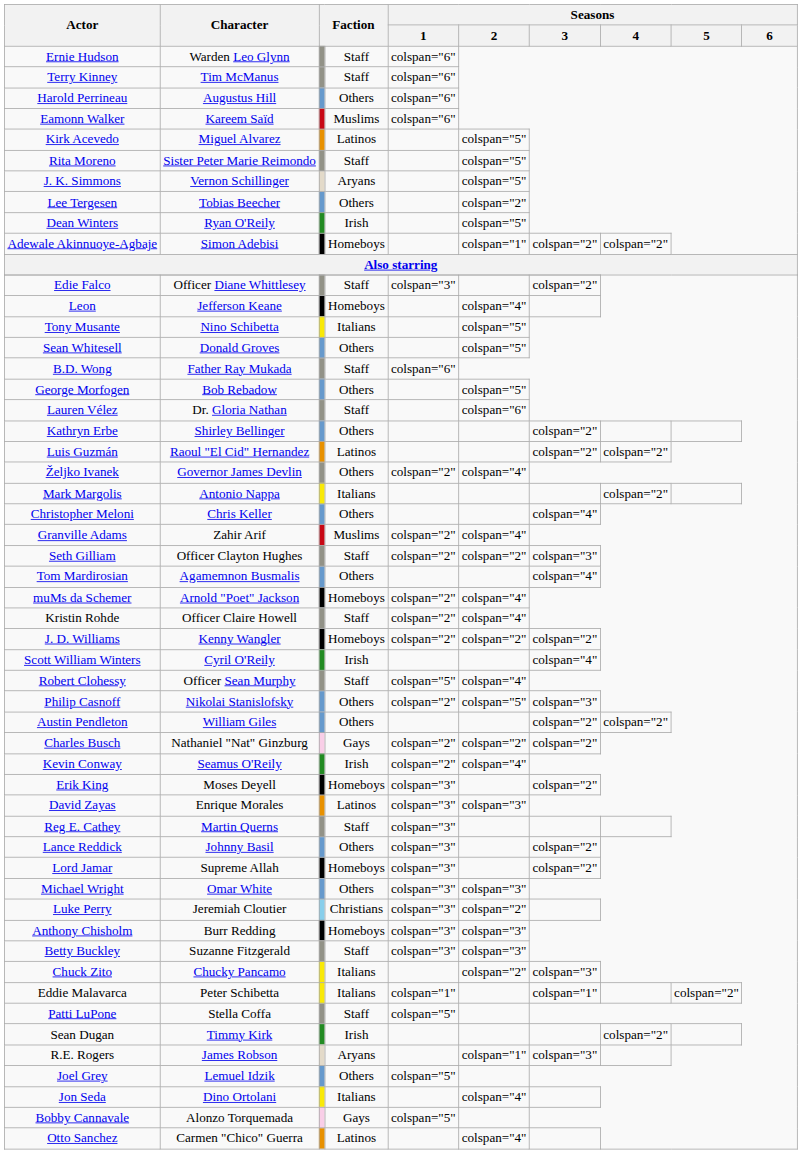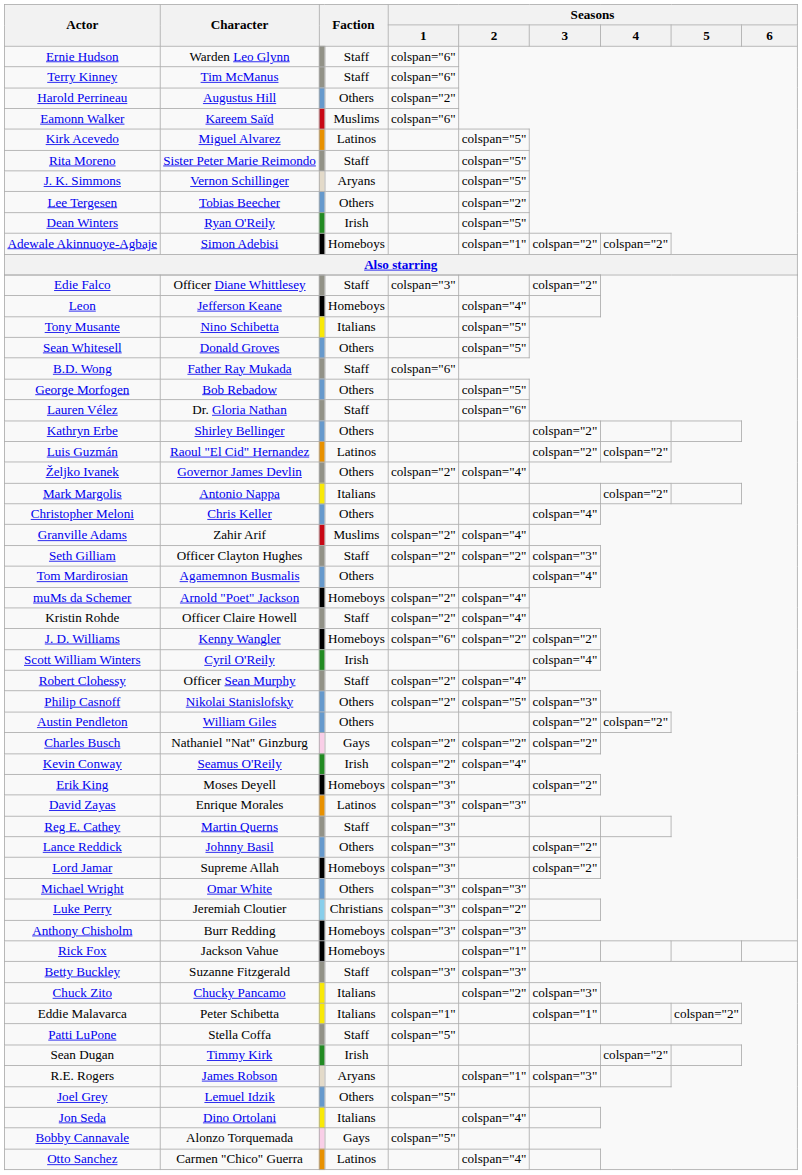 <table class="wikitable sortable" style="text-align:center;">
 <tr>
 <th rowspan="2">Actor</th>
 <th rowspan="2">Character</th>
 <th rowspan="2" colspan="2">Faction</th>
 <th colspan="6">Seasons</th>
 </tr>
 <tr>
 <th style="width:60px;">1</th>
 <th style="width:60px;">2</th>
 <th style="width:60px;">3</th>
 <th style="width:60px;">4</th>
 <th style="width:60px;">5</th>
 <th style="width:60px;">6</th>
 </tr>
 <tr>
 <td><a href='#'>Ernie Hudson</a></td>
 <td>Warden <a href='#'>Leo Glynn</a></td>
 <th scope="row" style="background:#929287; color:#000;"></th>
 <td>Staff</td>
 <td>colspan="6" </td>
 </tr>
 <tr>
 <td><a href='#'>Terry Kinney</a></td>
 <td><a href='#'>Tim McManus</a></td>
 <th scope="row" style="background:#929287; color:#000;"></th>
 <td>Staff</td>
 <td>colspan="6" </td>
 </tr>
 <tr>
 <td><a href='#'>Harold Perrineau</a></td>
 <td><a href='#'>Augustus Hill</a></td>
 <th scope="row" style="background:#6699CC; color:#000;"></th>
 <td>Others</td>
-<td>colspan="6" </td>
+<td>colspan="2" </td>
 </tr>
 <tr>
 <td><a href='#'>Eamonn Walker</a></td>
 <td><a href='#'>Kareem Saïd</a></td>
 <th scope="row" style="background:#C80815; color:#000;"></th>
 <td>Muslims</td>
 <td>colspan="6" </td>
 </tr>
 <tr>
 <td><a href='#'>Kirk Acevedo</a></td>
 <td><a href='#'>Miguel Alvarez</a></td>
 <th scope="row" style="background:#E89100; color:#000;"></th>
 <td>Latinos</td>
 <td></td>
 <td>colspan="5" </td>
 </tr>
 <tr>
 <td><a href='#'>Rita Moreno</a></td>
 <td><a href='#'>Sister Peter Marie Reimondo</a></td>
 <th scope="row" style="background:#929287; color:#000;"></th>
 <td>Staff</td>
 <td></td>
 <td>colspan="5" </td>
 </tr>
 <tr>
 <td><a href='#'>J. K. Simmons</a></td>
 <td><a href='#'>Vernon Schillinger</a></td>
 <th scope="row" style="background:#E3DAC9; color:#000;"></th>
 <td>Aryans</td>
 <td></td>
 <td>colspan="5" </td>
 </tr>
 <tr>
 <td><a href='#'>Lee Tergesen</a></td>
 <td><a href='#'>Tobias Beecher</a></td>
 <th scope="row" style="background:#6699CC; color:#000;"></th>
 <td>Others</td>
 <td></td>
 <td>colspan="2" </td>
 </tr>
 <tr>
 <td><a href='#'>Dean Winters</a></td>
 <td><a href='#'>Ryan O'Reily</a></td>
 <th scope="row" style="background:#228B22; color:#000;"></th>
 <td>Irish</td>
 <td></td>
 <td>colspan="5" </td>
 </tr>
 <tr>
 <td><a href='#'>Adewale Akinnuoye-Agbaje</a></td>
 <td><a href='#'>Simon Adebisi</a></td>
 <th scope="row" style="background:#000000; color:#000;"></th>
 <td>Homeboys</td>
 <td></td>
 <td>colspan="1" </td>
 <td>colspan="2" </td>
 <td>colspan="2" </td>
 </tr>
 <tr>
 <th colspan="10"><a href='#'>Also starring</a></th>
 </tr>
 <tr>
 </tr>
 <tr>
 <td><a href='#'>Edie Falco</a></td>
 <td>Officer <a href='#'>Diane Whittlesey</a></td>
 <th scope="row" style="background:#929287; color:#000;"></th>
 <td>Staff</td>
 <td>colspan="3" </td>
 <td></td>
 <td>colspan="2" </td>
 </tr>
 <tr>
 <td><a href='#'>Leon</a></td>
 <td><a href='#'>Jefferson Keane</a></td>
 <th scope="row" style="background:#000000; color:#000;"></th>
 <td>Homeboys</td>
 <td></td>
 <td>colspan="4" </td>
 <td></td>
 </tr>
 <tr>
 <td><a href='#'>Tony Musante</a></td>
 <td><a href='#'>Nino Schibetta</a></td>
 <th scope="row" style="background:#f9e907; color:#000;"></th>
 <td>Italians</td>
 <td></td>
 <td>colspan="5" </td>
 </tr>
 <tr>
 <td><a href='#'>Sean Whitesell</a></td>
 <td><a href='#'>Donald Groves</a></td>
 <th scope="row" style="background:#6699CC; color:#000;"></th>
 <td>Others</td>
 <td></td>
 <td>colspan="5" </td>
 </tr>
 <tr>
 <td><a href='#'>B.D. Wong</a></td>
 <td><a href='#'>Father Ray Mukada</a></td>
 <th scope="row" style="background:#929287; color:#000;"></th>
 <td>Staff</td>
 <td>colspan="6" </td>
 </tr>
 <tr>
 <td><a href='#'>George Morfogen</a></td>
 <td><a href='#'>Bob Rebadow</a></td>
 <th scope="row" style="background:#6699CC; color:#000;"></th>
 <td>Others</td>
 <td></td>
 <td>colspan="5" </td>
 </tr>
 <tr>
 <td><a href='#'>Lauren Vélez</a></td>
 <td>Dr. <a href='#'>Gloria Nathan</a></td>
 <th scope="row" style="background:#929287; color:#000;"></th>
 <td>Staff</td>
 <td></td>
 <td>colspan="6" </td>
 </tr>
 <tr>
 <td><a href='#'>Kathryn Erbe</a></td>
 <td><a href='#'>Shirley Bellinger</a></td>
 <th scope="row" style="background:#6699CC; color:#000;"></th>
 <td>Others</td>
 <td></td>
 <td></td>
 <td>colspan="2" </td>
 <td></td>
 <td></td>
 </tr>
 <tr>
 <td><a href='#'>Luis Guzmán</a></td>
 <td><a href='#'>Raoul "El Cid" Hernandez</a></td>
 <th scope="row" style="background:#E89100; color:#000;"></th>
 <td>Latinos</td>
 <td></td>
 <td></td>
 <td>colspan="2" </td>
 <td>colspan="2" </td>
 </tr>
 <tr>
 <td><a href='#'>Željko Ivanek</a></td>
 <td><a href='#'>Governor James Devlin</a></td>
 <th scope="row" style="background:#929287; color:#000;"></th>
 <td>Others</td>
 <td>colspan="2" </td>
 <td>colspan="4" </td>
 </tr>
 <tr>
 <td><a href='#'>Mark Margolis</a></td>
 <td><a href='#'>Antonio Nappa</a></td>
 <th scope="row" style="background:#f9e907; color:#000;"></th>
 <td>Italians</td>
 <td></td>
 <td></td>
 <td></td>
 <td>colspan="2" </td>
 <td></td>
 </tr>
 <tr>
 <td><a href='#'>Christopher Meloni</a></td>
 <td><a href='#'>Chris Keller</a></td>
 <th scope="row" style="background:#6699CC; color:#000;"></th>
 <td>Others</td>
 <td></td>
 <td></td>
 <td>colspan="4" </td>
 </tr>
 <tr>
 <td><a href='#'>Granville Adams</a></td>
 <td>Zahir Arif</td>
 <th scope="row" style="background:#C80815; color:#000;"></th>
 <td>Muslims</td>
 <td>colspan="2" </td>
 <td>colspan="4" </td>
 </tr>
 <tr>
 <td><a href='#'>Seth Gilliam</a></td>
 <td>Officer Clayton Hughes</td>
 <th scope="row" style="background:#929287; color:#000;"></th>
 <td>Staff</td>
 <td>colspan="2" </td>
 <td>colspan="2" </td>
 <td>colspan="3" </td>
 </tr>
 <tr>
 <td><a href='#'>Tom Mardirosian</a></td>
 <td><a href='#'>Agamemnon Busmalis</a></td>
 <th scope="row" style="background:#6699CC; color:#000;"></th>
 <td>Others</td>
 <td></td>
 <td></td>
 <td>colspan="4" </td>
 </tr>
 <tr>
 <td><a href='#'>muMs da Schemer</a></td>
 <td><a href='#'>Arnold "Poet" Jackson</a></td>
 <th scope="row" style="background:#000000; color:#000;"></th>
 <td>Homeboys</td>
 <td>colspan="2" </td>
 <td>colspan="4" </td>
 </tr>
 <tr>
 <td>Kristin Rohde</td>
 <td>Officer Claire Howell</td>
 <th scope="row" style="background:#929287; color:#000;"></th>
 <td>Staff</td>
 <td>colspan="2" </td>
 <td>colspan="4" </td>
 </tr>
 <tr>
 <td><a href='#'>J. D. Williams</a></td>
 <td><a href='#'>Kenny Wangler</a></td>
 <th scope="row" style="background:#000000; color:#000;"></th>
 <td>Homeboys</td>
-<td>colspan="2" </td>
+<td>colspan="6" </td>
 <td>colspan="2" </td>
 <td>colspan="2" </td>
 </tr>
 <tr>
 <td><a href='#'>Scott William Winters</a></td>
 <td><a href='#'>Cyril O'Reily</a></td>
 <th scope="row" style="background:#228B22; color:#000;"></th>
 <td>Irish</td>
 <td></td>
 <td></td>
 <td>colspan="4" </td>
 </tr>
 <tr>
 <td><a href='#'>Robert Clohessy</a></td>
 <td>Officer <a href='#'>Sean Murphy</a></td>
 <th scope="row" style="background:#929287; color:#000;"></th>
 <td>Staff</td>
-<td>colspan="5" </td>
+<td>colspan="2" </td>
 <td>colspan="4" </td>
 </tr>
 <tr>
 <td><a href='#'>Philip Casnoff</a></td>
 <td><a href='#'>Nikolai Stanislofsky</a></td>
 <th scope="row" style="background:#6699CC; color:#000;"></th>
 <td>Others</td>
 <td>colspan="2" </td>
 <td>colspan="5" </td>
 <td>colspan="3" </td>
 </tr>
 <tr>
 <td><a href='#'>Austin Pendleton</a></td>
 <td><a href='#'>William Giles</a></td>
 <th scope="row" style="background:#6699CC; color:#000;"></th>
 <td>Others</td>
 <td></td>
 <td></td>
 <td>colspan="2" </td>
 <td>colspan="2" </td>
 </tr>
 <tr>
 <td><a href='#'>Charles Busch</a></td>
 <td>Nathaniel "Nat" Ginzburg</td>
 <th scope="row" style="background:#f9cee7; color:#000;"></th>
 <td>Gays</td>
 <td>colspan="2" </td>
 <td>colspan="2" </td>
 <td>colspan="2" </td>
 </tr>
 <tr>
 <td><a href='#'>Kevin Conway</a></td>
 <td><a href='#'>Seamus O'Reily</a></td>
 <th scope="row" style="background:#228B22; color:#000;"></th>
 <td>Irish</td>
 <td>colspan="2" </td>
 <td>colspan="4" </td>
 </tr>
 <tr>
 <td><a href='#'>Erik King</a></td>
 <td>Moses Deyell</td>
 <th scope="row" style="background:#000000; color:#000;"></th>
 <td>Homeboys</td>
 <td>colspan="3" </td>
 <td></td>
 <td>colspan="2" </td>
 </tr>
 <tr>
 <td><a href='#'>David Zayas</a></td>
 <td>Enrique Morales</td>
 <th scope="row" style="background:#E89100; color:#000;"></th>
 <td>Latinos</td>
 <td>colspan="3" </td>
 <td>colspan="3" </td>
 </tr>
 <tr>
 <td><a href='#'>Reg E. Cathey</a></td>
 <td><a href='#'>Martin Querns</a></td>
 <th scope="row" style="background:#929287; color:#000;"></th>
 <td>Staff</td>
 <td>colspan="3" </td>
 <td></td>
 <td></td>
 <td></td>
 </tr>
 <tr>
 <td><a href='#'>Lance Reddick</a></td>
 <td><a href='#'>Johnny Basil</a></td>
 <th scope="row" style="background:#6699CC; color:#000;"></th>
 <td>Others</td>
 <td>colspan="3" </td>
 <td></td>
 <td>colspan="2" </td>
 </tr>
 <tr>
 <td><a href='#'>Lord Jamar</a></td>
 <td>Supreme Allah</td>
 <th scope="row" style="background:#000000; color:#000;"></th>
 <td>Homeboys</td>
 <td>colspan="3" </td>
 <td></td>
 <td>colspan="2" </td>
 </tr>
 <tr>
 <td><a href='#'>Michael Wright</a></td>
 <td><a href='#'>Omar White</a></td>
 <th scope="row" style="background:#6699CC; color:#000;"></th>
 <td>Others</td>
 <td>colspan="3" </td>
 <td>colspan="3" </td>
 </tr>
 <tr>
 <td><a href='#'>Luke Perry</a></td>
 <td>Jeremiah Cloutier</td>
 <th scope="row" style="background:#87CEEB; color:#000;"></th>
 <td>Christians</td>
 <td>colspan="3" </td>
 <td>colspan="2" </td>
 <td></td>
 </tr>
 <tr>
 <td><a href='#'>Anthony Chisholm</a></td>
 <td>Burr Redding</td>
 <th scope="row" style="background:#000000; color:#000;"></th>
 <td>Homeboys</td>
 <td>colspan="3" </td>
 <td>colspan="3" </td>
 </tr>
 <tr>
+<td><a href='#'>Rick Fox</a></td>
+<td>Jackson Vahue</td>
+<th scope="row" style="background:#000000; color:#000;"></th>
+<td>Homeboys</td>
+<td></td>
+<td>colspan="1" </td>
+<td></td>
+<td></td>
+<td></td>
+<td></td>
+</tr>
+<tr>
 <td><a href='#'>Betty Buckley</a></td>
 <td>Suzanne Fitzgerald</td>
 <th scope="row" style="background:#929287; color:#000;"></th>
 <td>Staff</td>
 <td>colspan="3" </td>
 <td>colspan="3" </td>
 </tr>
 <tr>
 <td><a href='#'>Chuck Zito</a></td>
 <td><a href='#'>Chucky Pancamo</a></td>
 <th scope="row" style="background:#f9e907; color:#000;"></th>
 <td>Italians</td>
 <td></td>
 <td>colspan="2" </td>
 <td>colspan="3" </td>
 </tr>
 <tr>
 <td>Eddie Malavarca</td>
 <td>Peter Schibetta</td>
 <th scope="row" style="background:#f9e907; color:#000;"></th>
 <td>Italians</td>
 <td>colspan="1" </td>
 <td></td>
 <td>colspan="1" </td>
 <td></td>
 <td>colspan="2" </td>
 </tr>
 <tr>
 <td><a href='#'>Patti LuPone</a></td>
 <td>Stella Coffa</td>
 <th scope="row" style="background:#929287; color:#000;"></th>
 <td>Staff</td>
 <td>colspan="5" </td>
 <td></td>
 </tr>
 <tr>
 <td>Sean Dugan</td>
 <td><a href='#'>Timmy Kirk</a></td>
 <th scope="row" style="background:#228B22; color:#000;"></th>
 <td>Irish</td>
 <td></td>
 <td></td>
 <td></td>
 <td>colspan="2" </td>
 <td></td>
 </tr>
 <tr>
 <td>R.E. Rogers</td>
 <td><a href='#'>James Robson</a></td>
 <th scope="row" style="background:#E3DAC9; color:#000;"></th>
 <td>Aryans</td>
 <td></td>
 <td>colspan="1" </td>
 <td>colspan="3" </td>
 <td></td>
 </tr>
 <tr>
 <td><a href='#'>Joel Grey</a></td>
 <td><a href='#'>Lemuel Idzik</a></td>
 <th scope="row" style="background:#6699CC; color:#000;"></th>
 <td>Others</td>
 <td>colspan="5" </td>
 <td></td>
 </tr>
 <tr>
 <td><a href='#'>Jon Seda</a></td>
 <td><a href='#'>Dino Ortolani</a></td>
 <th scope="row" style="background:#f9e907; color:#000;"></th>
 <td>Italians</td>
 <td></td>
 <td>colspan="4" </td>
 <td></td>
 </tr>
 <tr>
 <td><a href='#'>Bobby Cannavale</a></td>
 <td>Alonzo Torquemada</td>
 <th scope="row" style="background:#f9cee7; color:#000;"></th>
 <td>Gays</td>
 <td>colspan="5" </td>
 <td></td>
 </tr>
 <tr>
 <td><a href='#'>Otto Sanchez</a></td>
 <td>Carmen "Chico" Guerra</td>
 <th scope="row" style="background:#E89100; color:#000;"></th>
 <td>Latinos</td>
 <td></td>
 <td>colspan="4" </td>
 <td></td>
 </tr>
 </table>
